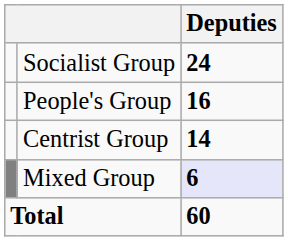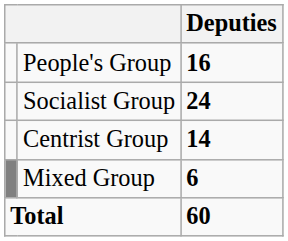 <table class="wikitable" style="text-align:left;">
 <tr>
 <th style="text-align:left;" colspan="2"></th>
 <th>Deputies</th>
 </tr>
 <tr>
+<td style="color:inherit;background:"></td>
+<td>People's Group</td>
+<td><strong>16</strong></td>
+</tr>
+<tr>
 <td width="1" style="color:inherit;background:"></td>
 <td>Socialist Group</td>
 <td><strong>24</strong></td>
-</tr>
-<tr>
-<td style="color:inherit;background:"></td>
-<td>People's Group</td>
-<td><strong>16</strong></td>
 </tr>
 <tr>
 <td style="color:inherit;background:"></td>
 <td>Centrist Group</td>
 <td><strong>14</strong></td>
 </tr>
 <tr>
 <td bgcolor="gray"></td>
 <td>Mixed Group</td>
-<td style="background: lavender;"><strong>6</strong></td>
+<td><strong>6</strong></td>
 </tr>
 <tr>
 <td colspan="2"><strong>Total</strong></td>
 <td><strong>60</strong></td>
 </tr>
 </table>
